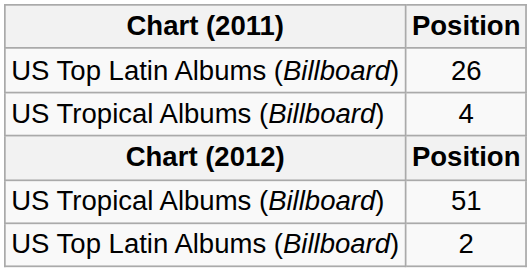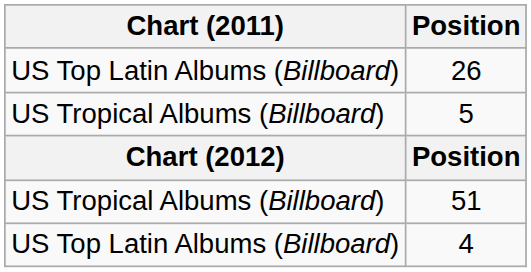 <table class="wikitable">
 <tr>
 <th>Chart (2011)</th>
 <th>Position</th>
 </tr>
 <tr>
 <td>US Top Latin Albums (<em>Billboard</em>)</td>
 <td style="text-align:center;">26</td>
 </tr>
 <tr>
 <td>US Tropical Albums (<em>Billboard</em>)</td>
-<td style="text-align:center;">4</td>
+<td style="text-align:center;">5</td>
 </tr>
 <tr>
 <th>Chart (2012)</th>
 <th>Position</th>
 </tr>
 <tr>
 <td>US Tropical Albums (<em>Billboard</em>)</td>
 <td style="text-align:center;">51</td>
 </tr>
 <tr>
 <td>US Top Latin Albums (<em>Billboard</em>)</td>
-<td style="text-align:center;">2</td>
+<td style="text-align:center;">4</td>
 </tr>
 </table>
